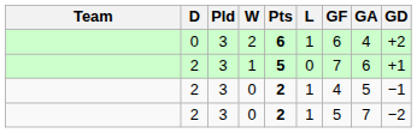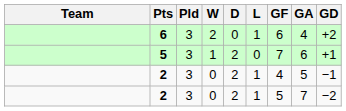 <table class="wikitable" style="text-align:center;">
 <tr>
 <th width=175>Team</th>
-<th width=20 abbr="Drawn">D</th>
+<th width=20 abbr="Points">Pts</th>
 <th width=20 abbr="Played">Pld</th>
 <th width=20 abbr="Won">W</th>
-<th width=20 abbr="Points">Pts</th>
+<th width=20 abbr="Drawn">D</th>
 <th width=20 abbr="Lost">L</th>
 <th width=20 abbr="Goals for">GF</th>
 <th width=20 abbr="Goals against">GA</th>
 <th width=20 abbr="Goal difference">GD</th>
 </tr>
 <tr bgcolor=#ccffcc>
 <td align="left"></td>
-<td>0</td>
+<td><strong>6</strong></td>
 <td>3</td>
 <td>2</td>
-<td><strong>6</strong></td>
+<td>0</td>
 <td>1</td>
 <td>6</td>
 <td>4</td>
 <td>+2</td>
 </tr>
 <tr bgcolor=#ccffcc>
 <td align="left"></td>
-<td>2</td>
+<td><strong>5</strong></td>
 <td>3</td>
 <td>1</td>
-<td><strong>5</strong></td>
+<td>2</td>
 <td>0</td>
 <td>7</td>
 <td>6</td>
 <td>+1</td>
 </tr>
 <tr>
 <td align="left"></td>
-<td>2</td>
+<td><strong>2</strong></td>
 <td>3</td>
 <td>0</td>
-<td><strong>2</strong></td>
+<td>2</td>
 <td>1</td>
 <td>4</td>
 <td>5</td>
 <td>−1</td>
 </tr>
 <tr>
 <td align="left"></td>
-<td>2</td>
+<td><strong>2</strong></td>
 <td>3</td>
 <td>0</td>
-<td><strong>2</strong></td>
+<td>2</td>
 <td>1</td>
 <td>5</td>
 <td>7</td>
 <td>−2</td>
 </tr>
 </table>
